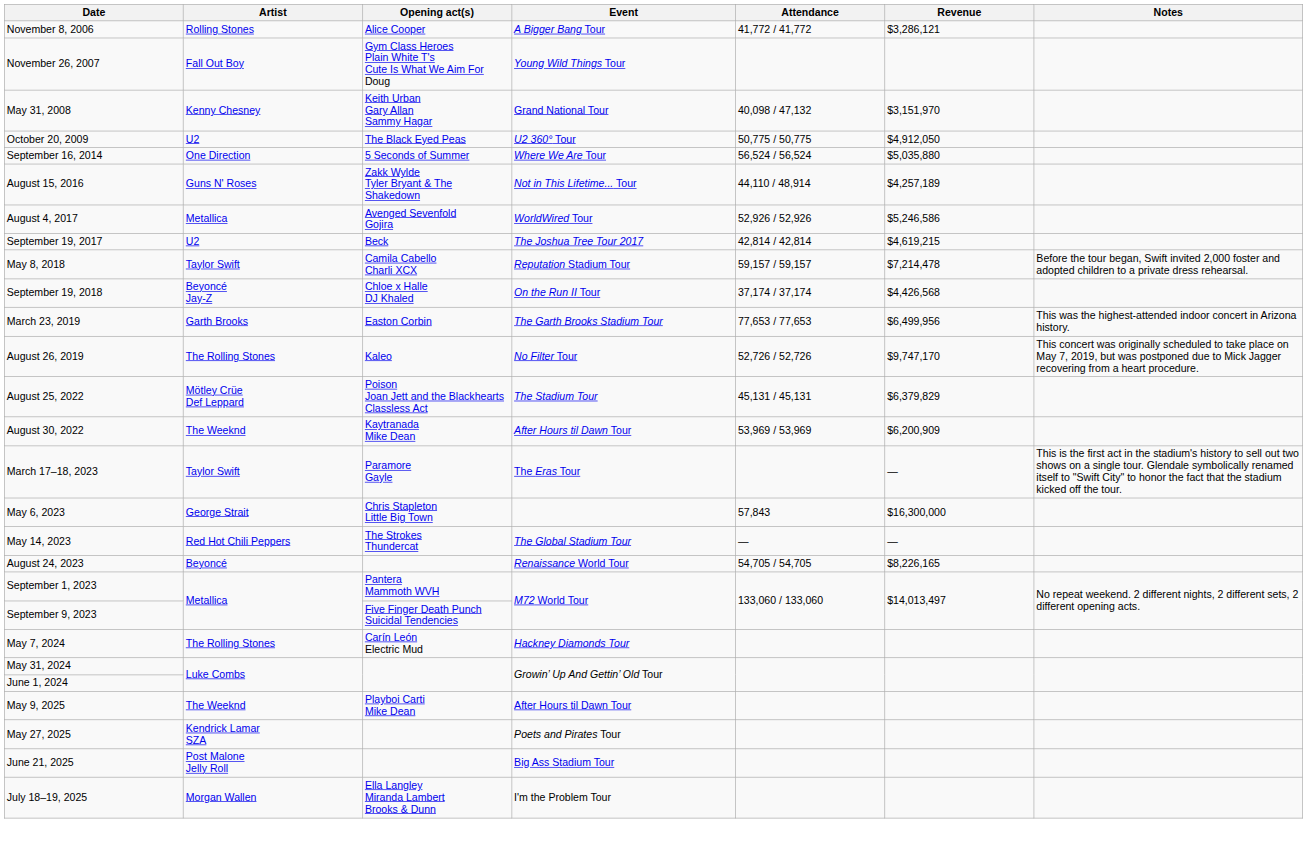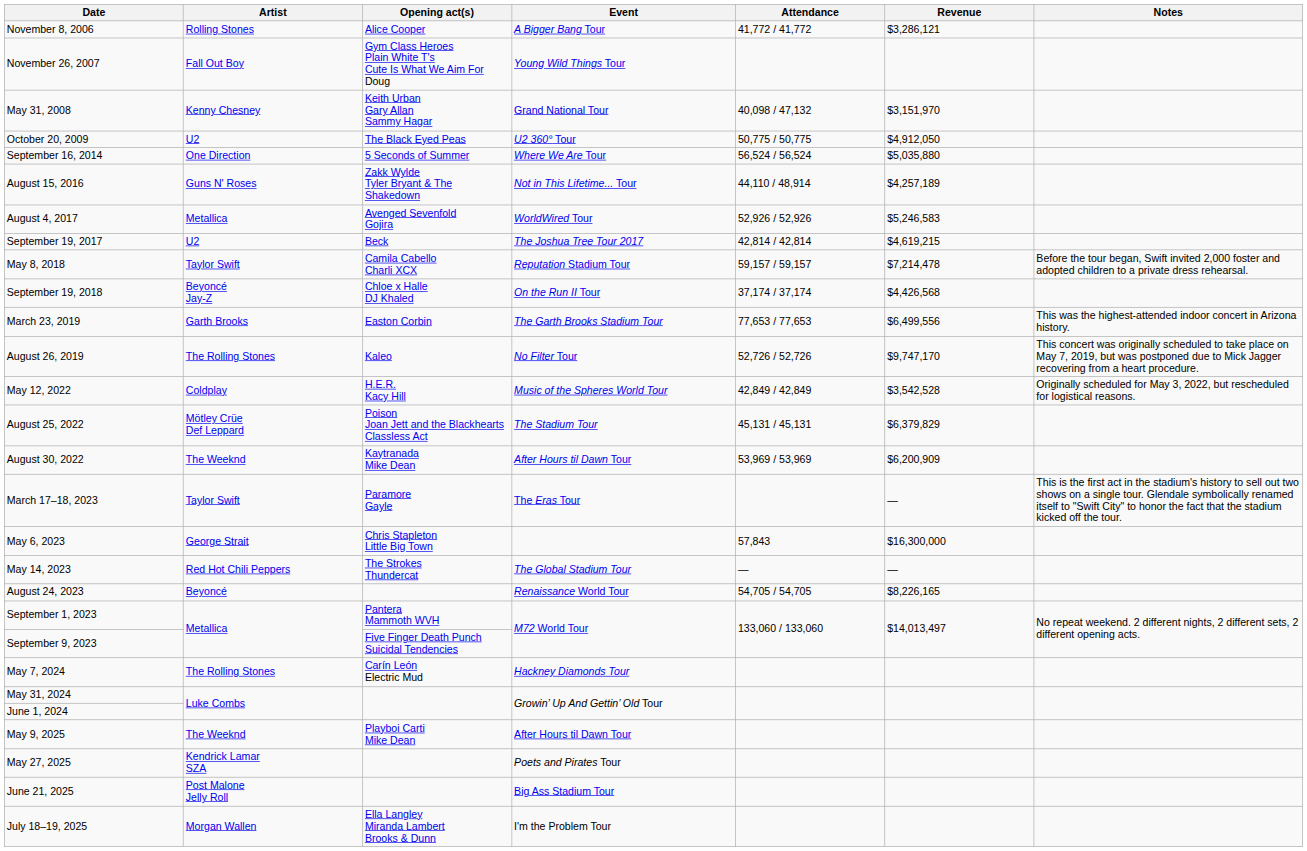 <table class="wikitable" style=font-size:100% style="text-align:center">
 <tr>
 <th width=12% style="text-align:center; ">Date</th>
 <th width=12% style="text-align:center; ">Artist</th>
 <th width=10% style="text-align:center; ">Opening act(s)</th>
 <th width=15% style="text-align:center; ">Event</th>
 <th width=10% style="text-align:center; ">Attendance</th>
 <th width=10% style="text-align:center; ">Revenue</th>
 <th width=18% style="text-align:center; ">Notes</th>
 </tr>
 <tr>
 <td>November 8, 2006</td>
 <td><a href='#'>Rolling Stones</a></td>
 <td><a href='#'>Alice Cooper</a></td>
 <td><a href='#'><em>A Bigger Bang</em> Tour</a></td>
 <td>41,772 / 41,772</td>
 <td>$3,286,121</td>
 <td></td>
 </tr>
 <tr>
 <td>November 26, 2007</td>
 <td><a href='#'>Fall Out Boy</a></td>
 <td><a href='#'>Gym Class Heroes</a><br><a href='#'>Plain White T's</a><br><a href='#'>Cute Is What We Aim For</a><br>Doug</td>
 <td><a href='#'><em>Young Wild Things</em> Tour</a></td>
 <td></td>
 <td></td>
 <td></td>
 </tr>
 <tr>
 <td>May 31, 2008</td>
 <td><a href='#'>Kenny Chesney</a></td>
 <td><a href='#'>Keith Urban</a><br><a href='#'>Gary Allan</a><br><a href='#'>Sammy Hagar</a></td>
 <td><a href='#'>Grand National Tour</a></td>
 <td>40,098 / 47,132</td>
 <td>$3,151,970</td>
 <td></td>
 </tr>
 <tr>
 <td>October 20, 2009</td>
 <td><a href='#'>U2</a></td>
 <td><a href='#'>The Black Eyed Peas</a></td>
 <td><a href='#'><em>U2 360°</em> Tour</a></td>
 <td>50,775 / 50,775</td>
 <td>$4,912,050</td>
 <td></td>
 </tr>
 <tr>
 <td>September 16, 2014</td>
 <td><a href='#'>One Direction</a></td>
 <td><a href='#'>5 Seconds of Summer</a></td>
 <td><a href='#'><em>Where We Are</em> Tour</a></td>
 <td>56,524 / 56,524</td>
 <td>$5,035,880</td>
 <td></td>
 </tr>
 <tr>
 <td>August 15, 2016</td>
 <td><a href='#'>Guns N' Roses</a></td>
 <td><a href='#'>Zakk Wylde</a><br><a href='#'>Tyler Bryant & The Shakedown</a></td>
 <td><a href='#'><em>Not in This Lifetime...</em> Tour</a></td>
 <td>44,110 / 48,914</td>
 <td>$4,257,189</td>
 <td></td>
 </tr>
 <tr>
 <td>August 4, 2017</td>
 <td><a href='#'>Metallica</a></td>
 <td><a href='#'>Avenged Sevenfold</a><br><a href='#'>Gojira</a></td>
 <td><a href='#'><em>WorldWired</em> Tour</a></td>
 <td>52,926 / 52,926</td>
-<td>$5,246,586</td>
+<td>$5,246,583</td>
 <td></td>
 </tr>
 <tr>
 <td>September 19, 2017</td>
 <td><a href='#'>U2</a></td>
 <td><a href='#'>Beck</a></td>
 <td><em><a href='#'>The Joshua Tree Tour 2017</a></em></td>
 <td>42,814 / 42,814</td>
 <td>$4,619,215</td>
 <td></td>
 </tr>
 <tr>
 <td>May 8, 2018</td>
 <td><a href='#'>Taylor Swift</a></td>
 <td><a href='#'>Camila Cabello</a><br><a href='#'>Charli XCX</a></td>
 <td><a href='#'><em>Reputation</em> Stadium Tour</a></td>
 <td>59,157 / 59,157</td>
 <td>$7,214,478</td>
 <td>Before the tour began, Swift invited 2,000 foster and adopted children to a private dress rehearsal.</td>
 </tr>
 <tr>
 <td>September 19, 2018</td>
 <td><a href='#'>Beyoncé</a><br><a href='#'>Jay-Z</a></td>
 <td><a href='#'>Chloe x Halle</a><br><a href='#'>DJ Khaled</a></td>
 <td><a href='#'><em>On the Run II</em> Tour</a></td>
 <td>37,174 / 37,174</td>
 <td>$4,426,568</td>
 <td></td>
 </tr>
 <tr>
 <td>March 23, 2019</td>
 <td><a href='#'>Garth Brooks</a></td>
 <td><a href='#'>Easton Corbin</a></td>
 <td><a href='#'><em>The Garth Brooks Stadium</em> <em>Tour</em></a></td>
 <td>77,653 / 77,653</td>
-<td>$6,499,956</td>
+<td>$6,499,556</td>
 <td>This was the highest-attended indoor concert in Arizona history.</td>
 </tr>
 <tr>
 <td>August 26, 2019</td>
 <td><a href='#'>The Rolling Stones</a></td>
 <td><a href='#'>Kaleo</a></td>
 <td><a href='#'><em>No Filter</em> Tour</a></td>
 <td>52,726 / 52,726</td>
 <td>$9,747,170</td>
 <td>This concert was originally scheduled to take place on May 7, 2019, but was postponed due to Mick Jagger recovering from a heart procedure.</td>
+</tr>
+<tr>
+<td>May 12, 2022</td>
+<td><a href='#'>Coldplay</a></td>
+<td><a href='#'>H.E.R.</a><br><a href='#'>Kacy Hill</a></td>
+<td><em><a href='#'>Music of the Spheres World Tour</a></em></td>
+<td>42,849 / 42,849</td>
+<td>$3,542,528</td>
+<td>Originally scheduled for May 3, 2022, but rescheduled for logistical reasons.</td>
 </tr>
 <tr>
 <td>August 25, 2022</td>
 <td><a href='#'>Mötley Crüe</a><br><a href='#'>Def Leppard</a></td>
 <td><a href='#'>Poison</a><br><a href='#'>Joan Jett and the Blackhearts</a><br><a href='#'>Classless Act</a></td>
 <td><em><a href='#'>The Stadium Tour</a></em></td>
 <td>45,131 / 45,131</td>
 <td>$6,379,829</td>
 <td></td>
 </tr>
 <tr>
 <td>August 30, 2022</td>
 <td><a href='#'>The Weeknd</a></td>
 <td><a href='#'>Kaytranada</a><br><a href='#'>Mike Dean</a></td>
 <td><a href='#'><em>After Hours til Dawn</em> Tour</a></td>
 <td>53,969 / 53,969</td>
 <td>$6,200,909</td>
 <td></td>
 </tr>
 <tr>
 <td>March 17–18, 2023</td>
 <td><a href='#'>Taylor Swift</a></td>
 <td><a href='#'>Paramore</a><br><a href='#'>Gayle</a></td>
 <td><a href='#'>The <em>Eras</em> Tour</a></td>
 <td></td>
 <td>—</td>
 <td>This is the first act in the stadium's history to sell out two shows on a single tour. Glendale symbolically renamed itself to "Swift City" to honor the fact that the stadium kicked off the tour.</td>
 </tr>
 <tr>
 <td>May 6, 2023</td>
 <td><a href='#'>George Strait</a></td>
 <td><a href='#'>Chris Stapleton</a><br><a href='#'>Little Big Town</a></td>
 <td></td>
 <td>57,843</td>
 <td>$16,300,000</td>
 <td></td>
 </tr>
 <tr>
 <td>May 14, 2023</td>
 <td><a href='#'>Red Hot Chili Peppers</a></td>
 <td><a href='#'>The Strokes</a><br><a href='#'>Thundercat</a></td>
 <td><a href='#'><em>The Global Stadium Tour</em></a></td>
 <td>—</td>
 <td>—</td>
 <td></td>
 </tr>
 <tr>
 <td>August 24, 2023</td>
 <td><a href='#'>Beyoncé</a></td>
 <td></td>
 <td><a href='#'><em>Renaissance</em> World Tour</a></td>
 <td>54,705 / 54,705</td>
 <td>$8,226,165</td>
 <td></td>
 </tr>
 <tr>
 <td>September 1, 2023</td>
 <td rowspan="2"><a href='#'>Metallica</a></td>
 <td><a href='#'>Pantera</a><br><a href='#'>Mammoth WVH</a></td>
 <td rowspan="2"><a href='#'><em>M72</em> World Tour</a></td>
 <td rowspan="2">133,060 / 133,060</td>
 <td rowspan="2">$14,013,497</td>
 <td rowspan="2">No repeat weekend.  2 different nights, 2 different sets, 2 different opening acts.</td>
 </tr>
 <tr>
 <td>September 9, 2023</td>
 <td><a href='#'>Five Finger Death Punch</a><br><a href='#'>Suicidal Tendencies</a></td>
 </tr>
 <tr>
 <td>May 7, 2024</td>
 <td><a href='#'>The Rolling Stones</a></td>
 <td><a href='#'>Carín León</a><br>Electric Mud</td>
 <td><em><a href='#'>Hackney Diamonds Tour</a></em></td>
 <td></td>
 <td></td>
 <td></td>
 </tr>
 <tr>
 <td>May 31, 2024</td>
 <td rowspan="2"><a href='#'>Luke Combs</a></td>
 <td rowspan="2"></td>
 <td rowspan="2"><em>Growin’ Up And Gettin’ Old</em> Tour</td>
 <td rowspan="2"></td>
 <td rowspan="2"></td>
 <td rowspan="2"></td>
 </tr>
 <tr>
 <td>June 1, 2024</td>
 </tr>
 <tr>
 <td>May 9, 2025</td>
 <td><a href='#'>The Weeknd</a></td>
 <td><a href='#'>Playboi Carti</a><br><a href='#'>Mike Dean</a></td>
 <td><a href='#'>After Hours til Dawn Tour</a></td>
 <td></td>
 <td></td>
 <td></td>
 </tr>
 <tr>
 <td>May 27, 2025</td>
 <td><a href='#'>Kendrick Lamar</a><br><a href='#'>SZA</a></td>
 <td></td>
 <td><em>Poets and Pirates</em> Tour</td>
 <td></td>
 <td></td>
 <td></td>
 </tr>
 <tr>
 <td>June 21, 2025</td>
 <td><a href='#'>Post Malone</a><br><a href='#'>Jelly Roll</a></td>
 <td></td>
 <td><a href='#'>Big Ass Stadium Tour</a></td>
 <td></td>
 <td></td>
 <td></td>
 </tr>
 <tr>
 <td>July 18–19, 2025</td>
 <td><a href='#'>Morgan Wallen</a></td>
 <td><a href='#'>Ella Langley</a><br><a href='#'>Miranda Lambert</a><br><a href='#'>Brooks & Dunn</a></td>
 <td>I'm the Problem Tour</td>
 <td></td>
 <td></td>
 <td></td>
 </tr>
 </table>
